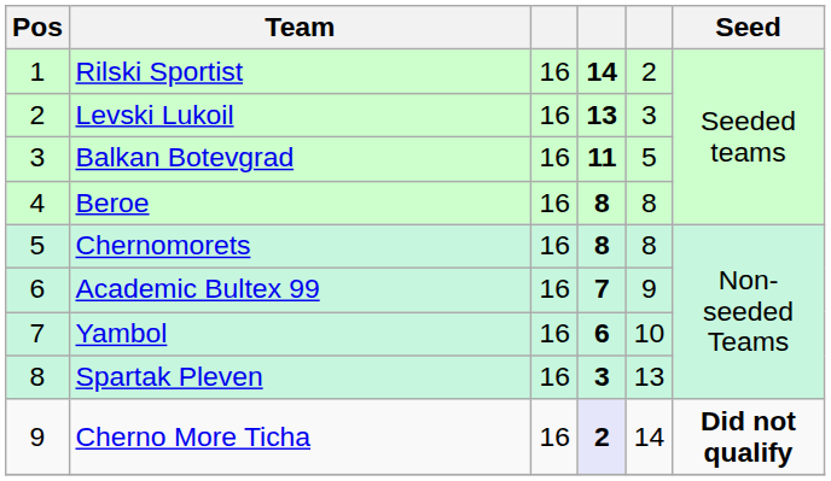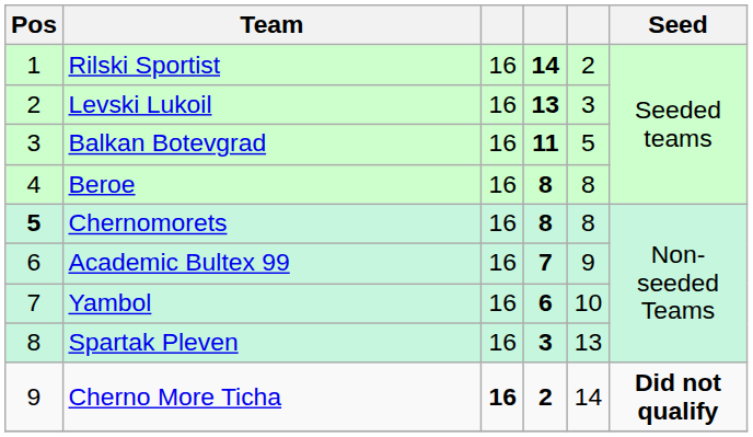 <table class="wikitable" style="text-align: center;">
 <tr>
 <th width=15>Pos</th>
 <th width=260>Team</th>
 <th width=20></th>
 <th width=20></th>
 <th width=20></th>
 <th width=80>Seed</th>
 </tr>
 <tr bgcolor="#cfc">
 <td>1</td>
 <td align="left"><a href='#'>Rilski Sportist</a></td>
 <td>16</td>
 <td><strong>14</strong></td>
 <td>2</td>
 <td rowspan=4>Seeded teams</td>
 </tr>
 <tr bgcolor="#cfc">
 <td>2</td>
 <td align="left"><a href='#'>Levski Lukoil</a></td>
 <td>16</td>
 <td><strong>13</strong></td>
 <td>3</td>
 </tr>
 <tr bgcolor="#cfc">
 <td>3</td>
 <td align="left"><a href='#'>Balkan Botevgrad</a></td>
 <td>16</td>
 <td><strong>11</strong></td>
 <td>5</td>
 </tr>
 <tr bgcolor="#cfc">
 <td>4</td>
 <td align="left"><a href='#'>Beroe</a></td>
 <td>16</td>
 <td><strong>8</strong></td>
 <td>8</td>
 </tr>
 <tr bgcolor="#c6f7de">
-<td>5</td>
+<td><strong>5</strong></td>
 <td align="left"><a href='#'>Chernomorets</a></td>
 <td>16</td>
 <td><strong>8</strong></td>
 <td>8</td>
 <td rowspan=4>Non-seeded Teams</td>
 </tr>
 <tr bgcolor="#c6f7de">
 <td>6</td>
 <td align="left"><a href='#'>Academic Bultex 99</a></td>
 <td>16</td>
 <td><strong>7</strong></td>
 <td>9</td>
 </tr>
 <tr bgcolor="#c6f7de">
 <td>7</td>
 <td align="left"><a href='#'>Yambol</a></td>
 <td>16</td>
 <td><strong>6</strong></td>
 <td>10</td>
 </tr>
 <tr bgcolor="#c6f7de ">
 <td>8</td>
 <td align="left"><a href='#'>Spartak Pleven</a></td>
 <td>16</td>
 <td><strong>3</strong></td>
 <td>13</td>
 </tr>
 <tr>
 <td>9</td>
 <td align="left"><a href='#'>Cherno More Ticha</a></td>
-<td>16</td>
-<td style="background: lavender;"><strong>2</strong></td>
+<td><strong>16</strong></td>
+<td><strong>2</strong></td>
 <td>14</td>
 <td><strong>Did not qualify</strong></td>
 </tr>
 <tr>
 </tr>
 </table>
